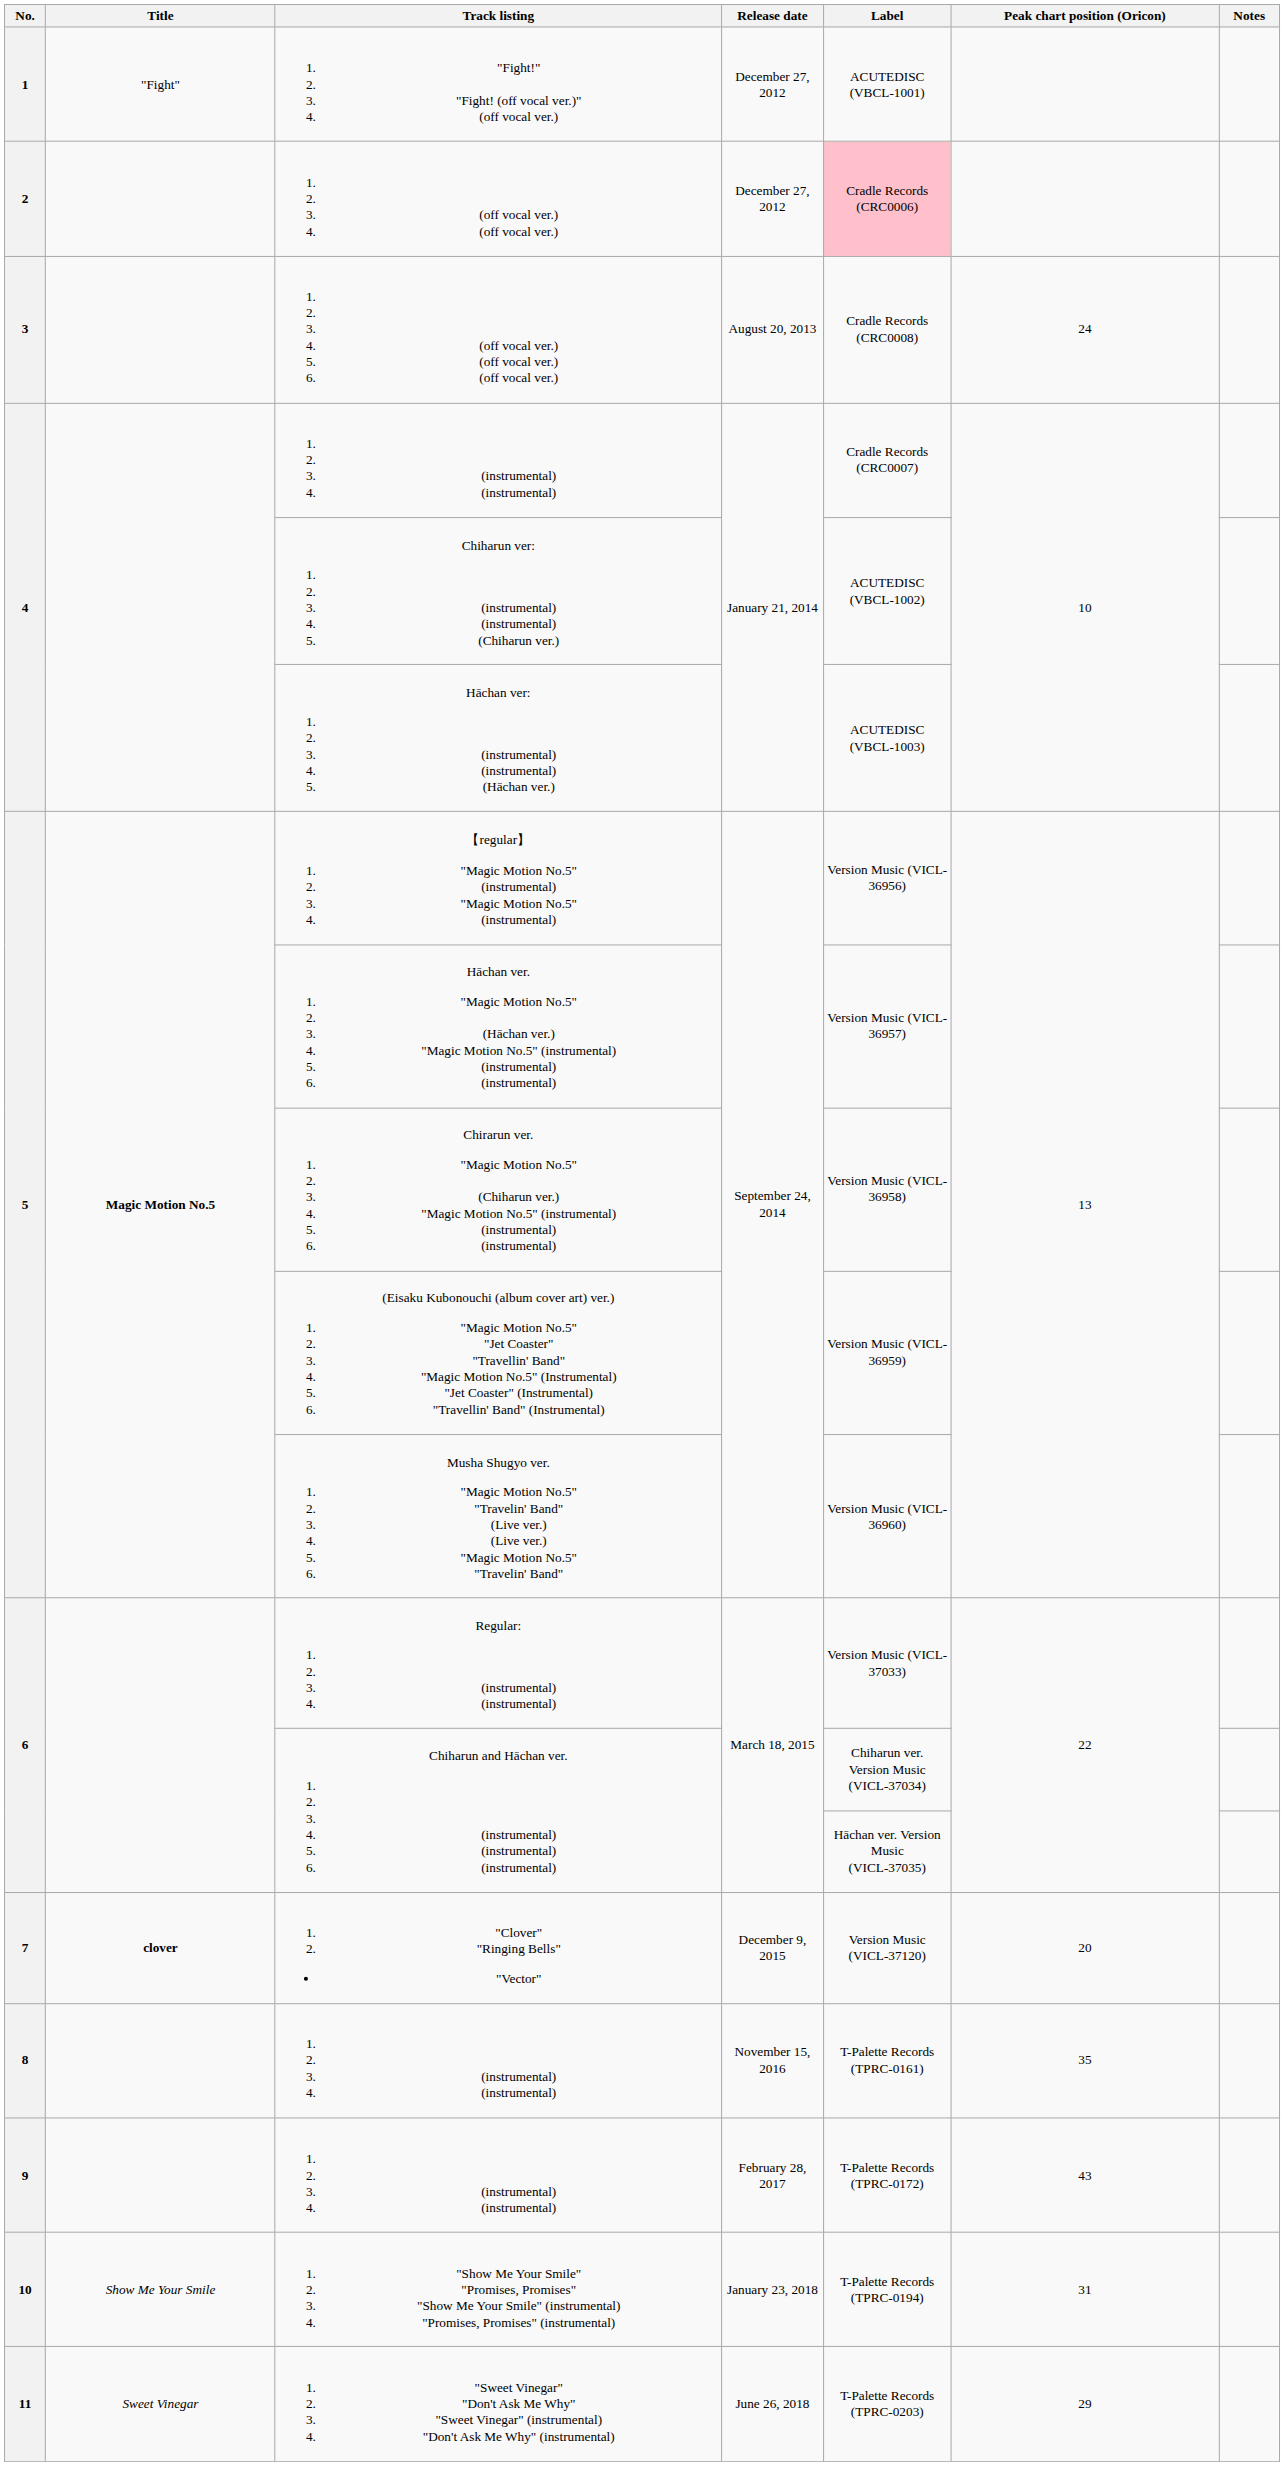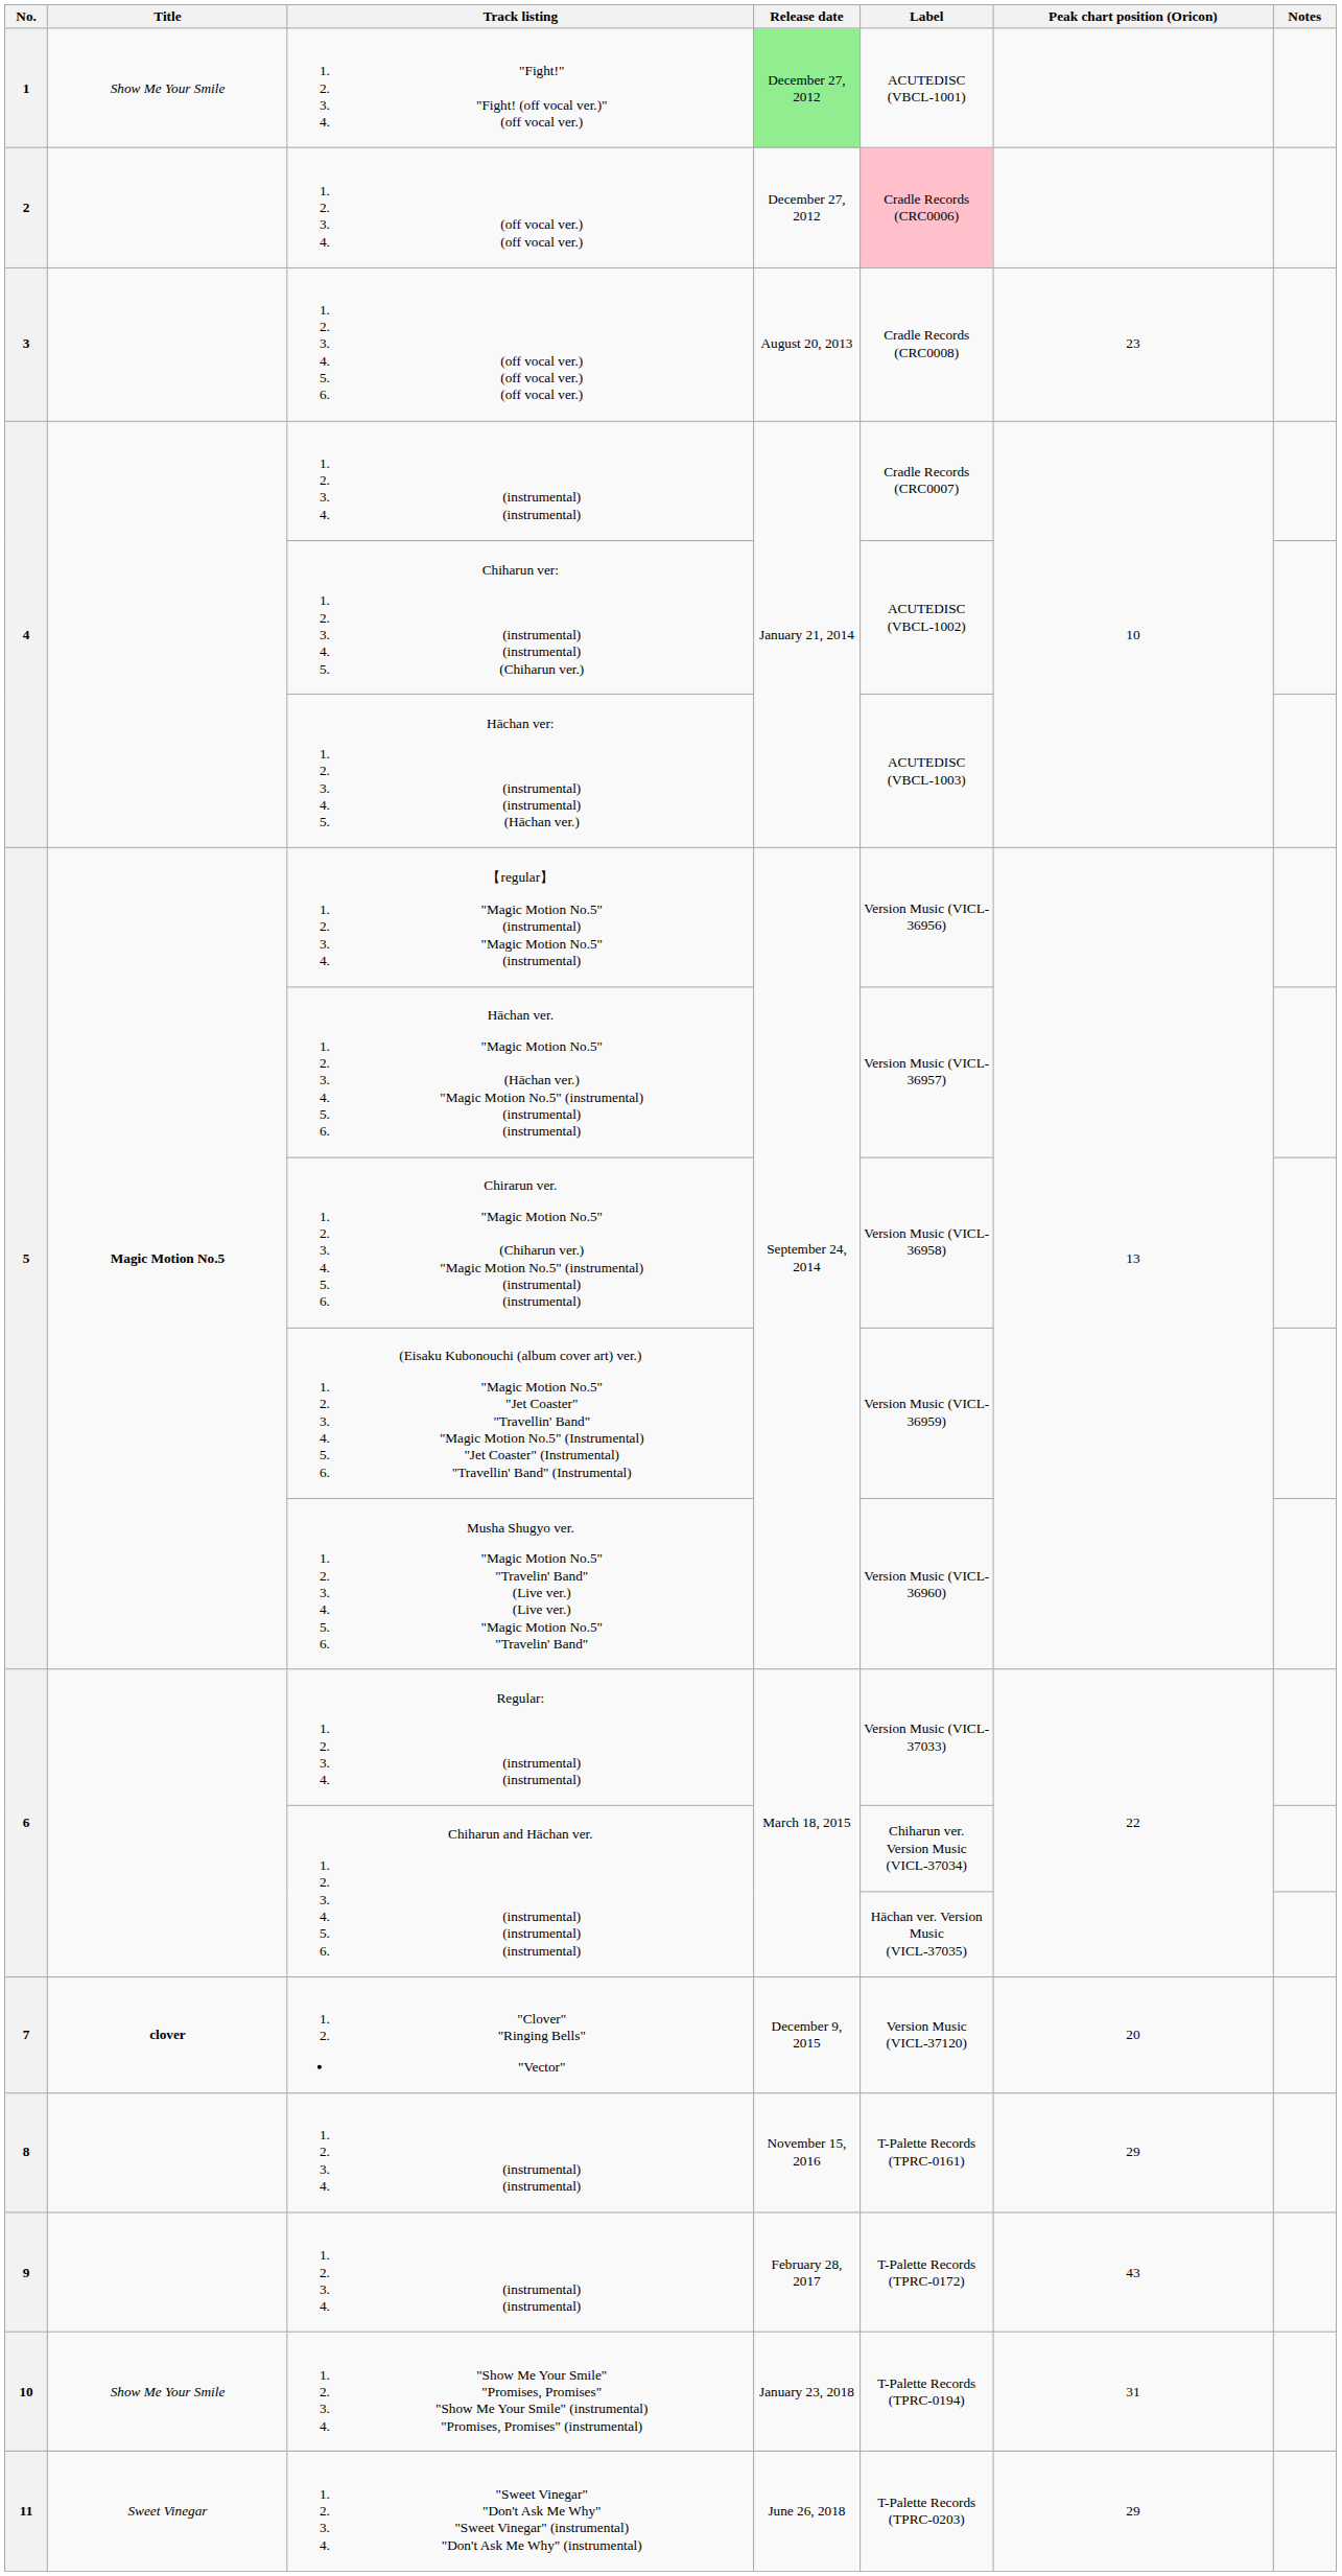 <table class="wikitable" style="font-size:small;text-align:center">
 <tr>
 <th>No.</th>
 <th style="width:18%;">Title</th>
 <th style="width:35%;">Track listing</th>
 <th style="width:8%;">Release date</th>
 <th style="width:10%;”">Label</th>
 <th>Peak chart position (Oricon)</th>
 <th>Notes</th>
 </tr>
 <tr>
 <th>1</th>
-<td>"Fight"</td>
+<td><em>Show Me Your Smile</em></td>
 <td style="white-space:nowrap;"><br><ol><li>"Fight!"</li><li></li><li>"Fight! (off vocal ver.)"</li><li> (off vocal ver.)</li></ol></td>
-<td>December 27, 2012</td>
+<td style="background: lightgreen;">December 27, 2012</td>
 <td>ACUTEDISC (VBCL-1001)</td>
 <td></td>
 <td></td>
 </tr>
 <tr>
 <th>2</th>
 <td></td>
 <td style="white-space:nowrap;"><br><ol><li></li><li></li><li> (off vocal ver.)</li><li> (off vocal ver.)</li></ol></td>
 <td>December 27, 2012</td>
 <td style="background: pink;">Cradle Records (CRC0006)</td>
 <td></td>
 <td></td>
 </tr>
 <tr>
 <th>3</th>
 <td></td>
 <td style="white-space:nowrap;"><br><ol><li></li><li></li><li></li><li> (off vocal ver.)</li><li> (off vocal ver.)</li><li> (off vocal ver.)</li></ol></td>
 <td>August 20, 2013</td>
 <td>Cradle Records (CRC0008)</td>
-<td>24</td>
+<td>23</td>
 <td></td>
 </tr>
 <tr>
 <th rowspan="3">4</th>
 <td rowspan="3"></td>
 <td style="white-space:nowrap;"><br><ol><li></li><li></li><li> (instrumental)</li><li> (instrumental)</li></ol></td>
 <td rowspan="3">January 21, 2014</td>
 <td>Cradle Records (CRC0007)</td>
 <td rowspan="3">10</td>
 <td></td>
 </tr>
 <tr>
 <td style="white-space:nowrap;"><br>Chiharun ver:<ol><li></li><li></li><li> (instrumental)</li><li> (instrumental)</li><li> (Chiharun ver.)</li></ol></td>
 <td>ACUTEDISC (VBCL-1002)</td>
 <td></td>
 </tr>
 <tr>
 <td style="white-space:nowrap;"><br>Hāchan ver:<ol><li></li><li></li><li> (instrumental)</li><li> (instrumental)</li><li> (Hāchan ver.)</li></ol></td>
 <td>ACUTEDISC (VBCL-1003)</td>
 <td></td>
 </tr>
 <tr>
 <th rowspan="5">5</th>
 <td rowspan="5"><strong>Magic Motion No.5</strong></td>
 <td style="white-space:nowrap;"><br>【regular】<ol><li>"Magic Motion No.5"</li><li> (instrumental)</li><li>"Magic Motion No.5"</li><li> (instrumental)</li></ol></td>
 <td rowspan="5">September 24, 2014</td>
 <td>Version Music (VICL-36956)</td>
 <td rowspan="5">13</td>
 <td></td>
 </tr>
 <tr>
 <td style="white-space:nowrap;"><br>Hāchan ver.<ol><li>"Magic Motion No.5"</li><li></li><li> (Hāchan ver.)</li><li>"Magic Motion No.5" (instrumental)</li><li> (instrumental)</li><li> (instrumental)</li></ol></td>
 <td>Version Music (VICL-36957)</td>
 <td></td>
 </tr>
 <tr>
 <td style="white-space:nowrap;"><br>Chirarun ver.<ol><li>"Magic Motion No.5"</li><li></li><li> (Chiharun ver.)</li><li>"Magic Motion No.5" (instrumental)</li><li> (instrumental)</li><li> (instrumental)</li></ol></td>
 <td>Version Music (VICL-36958)</td>
 <td></td>
 </tr>
 <tr>
 <td style="white-space:nowrap;"><br>(Eisaku Kubonouchi (album cover art) ver.)<ol><li>"Magic Motion No.5"</li><li>"Jet Coaster"</li><li>"Travellin' Band"</li><li>"Magic Motion No.5" (Instrumental)</li><li>"Jet Coaster" (Instrumental)</li><li>"Travellin' Band" (Instrumental)</li></ol></td>
 <td>Version Music (VICL-36959)</td>
 <td></td>
 </tr>
 <tr>
 <td style="white-space:nowrap;"><br>Musha Shugyo ver.<ol><li>"Magic Motion No.5"</li><li>"Travelin' Band"</li><li> (Live ver.)</li><li> (Live ver.)</li><li>"Magic Motion No.5"</li><li>"Travelin' Band"</li></ol></td>
 <td>Version Music (VICL-36960)</td>
 <td></td>
 </tr>
 <tr>
 <th rowspan="3">6</th>
 <td rowspan="3"></td>
 <td style="white-space:nowrap;"><br>Regular:<ol><li></li><li></li><li> (instrumental)</li><li> (instrumental)</li></ol></td>
 <td rowspan="3">March 18, 2015</td>
 <td>Version Music (VICL-37033)</td>
 <td rowspan="3">22</td>
 <td></td>
 </tr>
 <tr>
 <td rowspan="2" style="white-space:nowrap;"><br>Chiharun and Hāchan ver.<ol><li></li><li></li><li></li><li> (instrumental)</li><li> (instrumental)</li><li> (instrumental)</li></ol></td>
 <td>Chiharun ver. <br>Version Music<br>(VICL-37034)</td>
 <td></td>
 </tr>
 <tr>
 <td>Hāchan ver. Version Music<br>(VICL-37035)</td>
 <td></td>
 </tr>
 <tr>
 <th>7</th>
 <td><strong>clover</strong></td>
 <td style="white-space:nowrap;"><br><ol><li>"Clover"</li><li>"Ringing Bells"</li></ol><ul><li>"Vector"</li></ul></td>
 <td>December 9, 2015</td>
 <td>Version Music <br>(VICL-37120)</td>
 <td>20</td>
 <td></td>
 </tr>
 <tr>
 <th>8</th>
 <td></td>
 <td style="white-space:nowrap;"><br><ol><li></li><li></li><li> (instrumental)</li><li> (instrumental)</li></ol></td>
 <td>November 15, 2016</td>
 <td>T-Palette Records  <br>(TPRC-0161)</td>
-<td>35</td>
+<td>29</td>
 <td></td>
 </tr>
 <tr>
 <th>9</th>
 <td></td>
 <td style="white-space:nowrap;"><br><ol><li></li><li></li><li> (instrumental)</li><li> (instrumental)</li></ol></td>
 <td>February 28, 2017</td>
 <td>T-Palette Records <br>(TPRC-0172)</td>
 <td>43</td>
 <td></td>
 </tr>
 <tr>
 <th>10</th>
 <td><em>Show Me Your Smile</em></td>
 <td style="white-space:nowrap;"><br><ol><li>"Show Me Your Smile"</li><li>"Promises, Promises"</li><li>"Show Me Your Smile" (instrumental)</li><li>"Promises, Promises" (instrumental)</li></ol></td>
 <td>January 23, 2018</td>
 <td>T-Palette  Records  <br>(TPRC-0194)</td>
 <td>31</td>
 <td></td>
 </tr>
 <tr>
 <th>11</th>
 <td><em>Sweet Vinegar</em></td>
 <td style="white-space:nowrap;"><br><ol><li>"Sweet Vinegar"</li><li>"Don't Ask Me Why"</li><li>"Sweet Vinegar" (instrumental)</li><li>"Don't Ask Me Why" (instrumental)</li></ol></td>
 <td>June 26, 2018</td>
 <td>T-Palette  Records  <br>(TPRC-0203)</td>
 <td>29</td>
 <td></td>
 </tr>
 </table>
